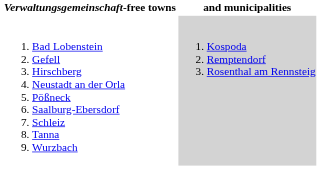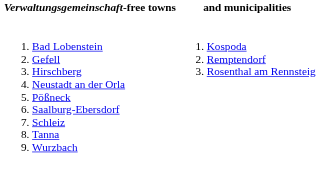 <table>
 <tr ---->
 <th><em>Verwaltungsgemeinschaft</em>-free towns</th>
 <th>and municipalities</th>
 </tr>
 <tr>
 <td valign=top><br><ol><li><a href='#'>Bad Lobenstein</a></li><li><a href='#'>Gefell</a></li><li><a href='#'>Hirschberg</a></li><li><a href='#'>Neustadt an der Orla</a></li><li><a href='#'>Pößneck</a></li><li><a href='#'>Saalburg-Ebersdorf</a></li><li><a href='#'>Schleiz</a></li><li><a href='#'>Tanna</a></li><li><a href='#'>Wurzbach</a></li></ol></td>
-<td valign=top style="background: lightgrey;"><br><ol><li><a href='#'>Kospoda</a></li><li><a href='#'>Remptendorf</a></li><li><a href='#'>Rosenthal am Rennsteig</a></li></ol></td>
+<td valign=top><br><ol><li><a href='#'>Kospoda</a></li><li><a href='#'>Remptendorf</a></li><li><a href='#'>Rosenthal am Rennsteig</a></li></ol></td>
 </tr>
 </table>
